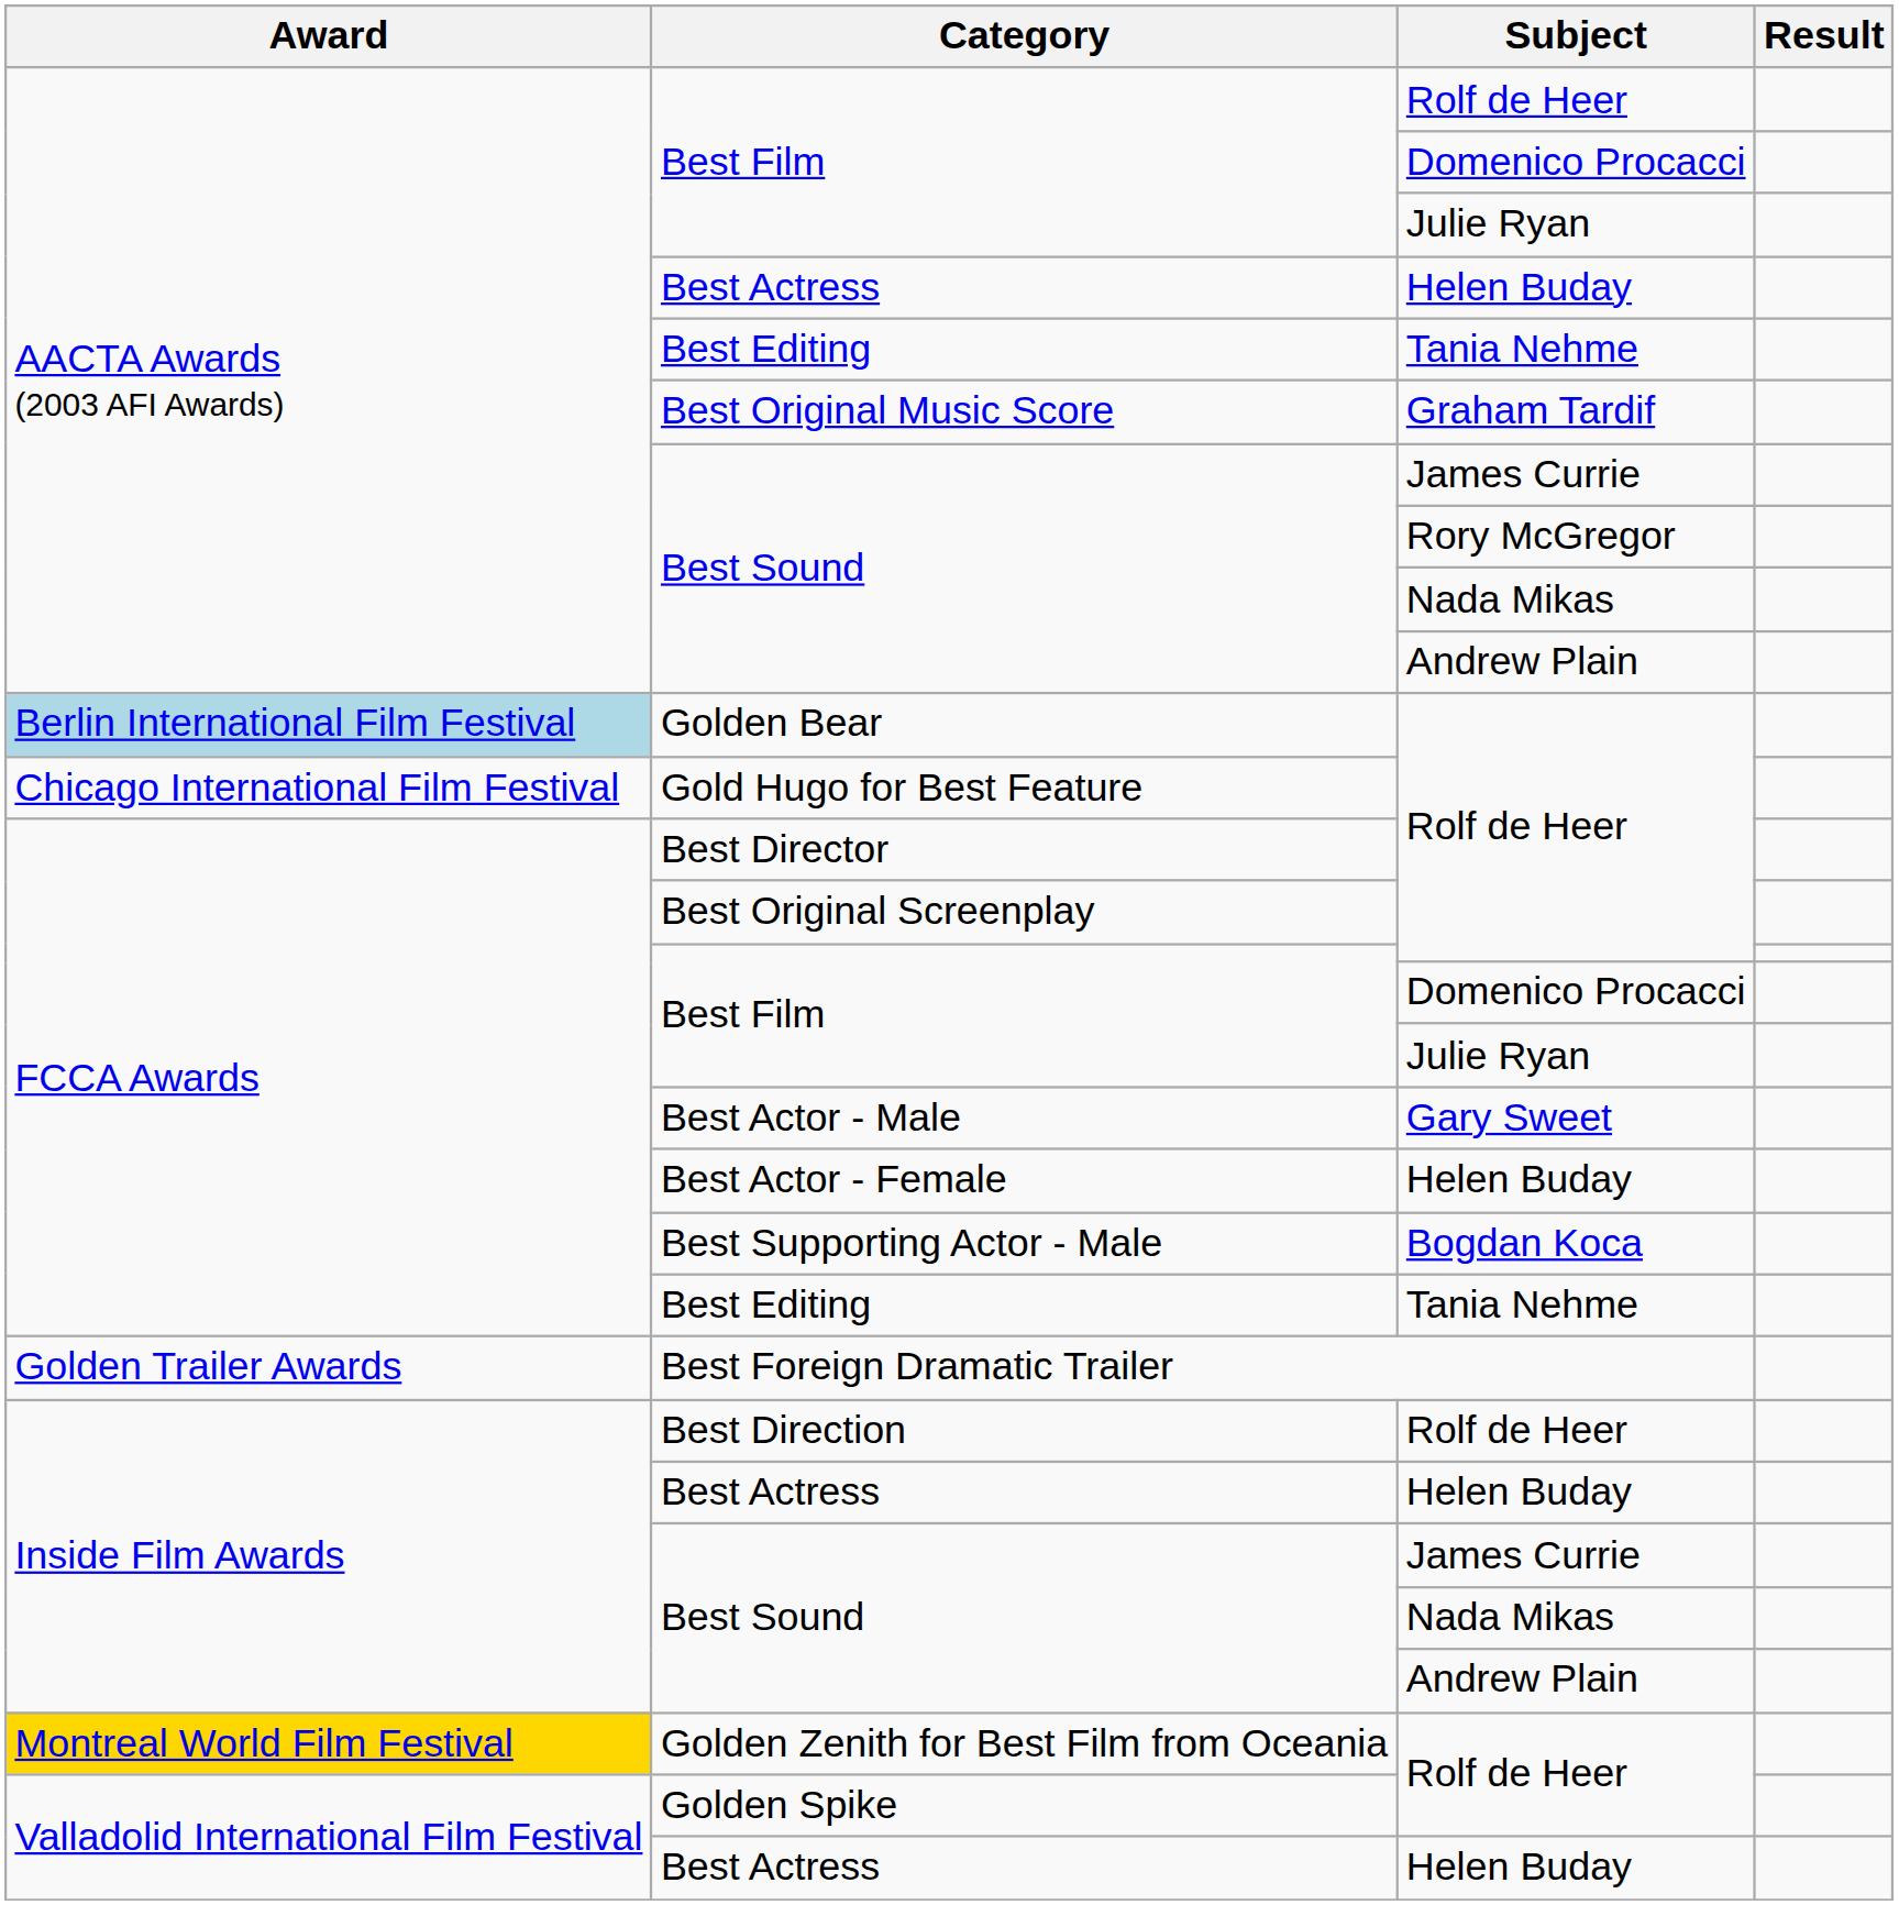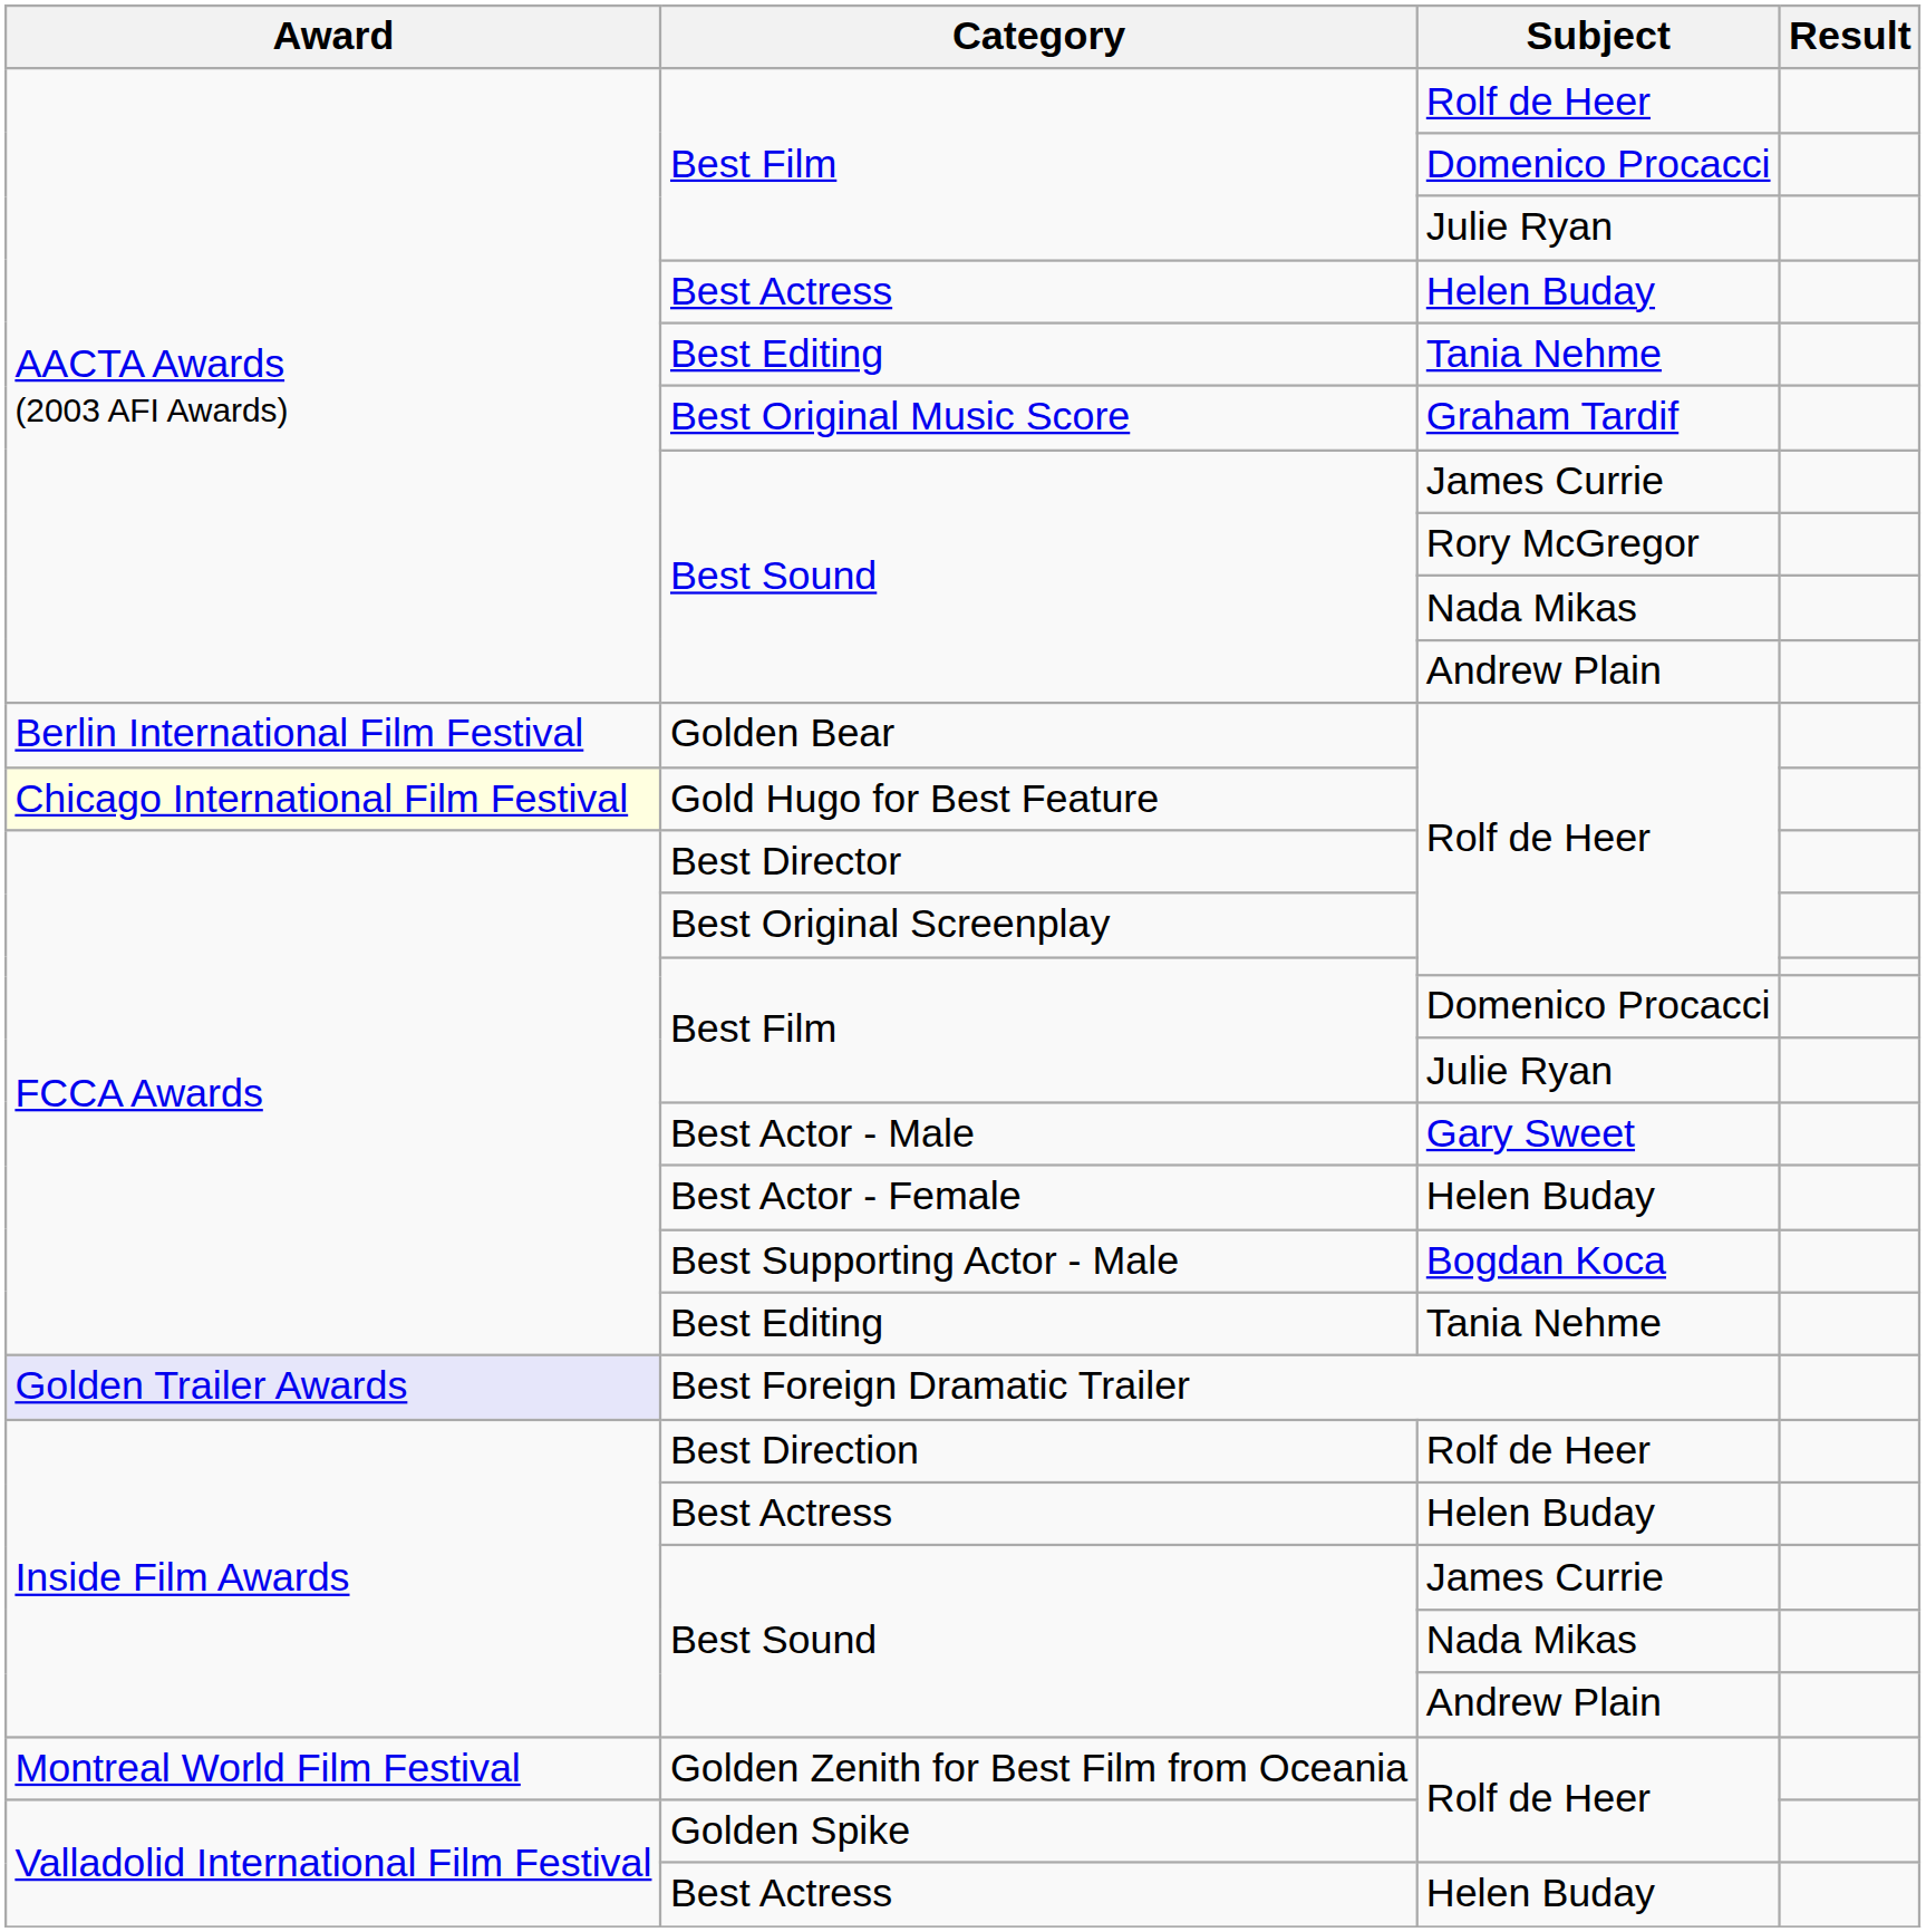 <table class="wikitable">
 <tr>
 <th>Award</th>
 <th>Category</th>
 <th>Subject</th>
 <th>Result</th>
 </tr>
 <tr>
 <td rowspan=10><a href='#'>AACTA Awards</a><br><small>(2003 AFI Awards)</small></td>
 <td rowspan=3><a href='#'>Best Film</a></td>
 <td><a href='#'>Rolf de Heer</a></td>
 <td></td>
 </tr>
 <tr>
 <td><a href='#'>Domenico Procacci</a></td>
 <td></td>
 </tr>
 <tr>
 <td>Julie Ryan</td>
 <td></td>
 </tr>
 <tr>
 <td><a href='#'>Best Actress</a></td>
 <td><a href='#'>Helen Buday</a></td>
 <td></td>
 </tr>
 <tr>
 <td><a href='#'>Best Editing</a></td>
 <td><a href='#'>Tania Nehme</a></td>
 <td></td>
 </tr>
 <tr>
 <td><a href='#'>Best Original Music Score</a></td>
 <td><a href='#'>Graham Tardif</a></td>
 <td></td>
 </tr>
 <tr>
 <td rowspan=4><a href='#'>Best Sound</a></td>
 <td>James Currie</td>
 <td></td>
 </tr>
 <tr>
 <td>Rory McGregor</td>
 <td></td>
 </tr>
 <tr>
 <td>Nada Mikas</td>
 <td></td>
 </tr>
 <tr>
 <td>Andrew Plain</td>
 <td></td>
 </tr>
 <tr>
-<td style="background: lightblue;"><a href='#'>Berlin International Film Festival</a></td>
+<td><a href='#'>Berlin International Film Festival</a></td>
 <td>Golden Bear</td>
 <td rowspan=5>Rolf de Heer</td>
 <td></td>
 </tr>
 <tr>
-<td><a href='#'>Chicago International Film Festival</a></td>
+<td style="background: lightyellow;"><a href='#'>Chicago International Film Festival</a></td>
 <td>Gold Hugo for Best Feature</td>
 <td></td>
 </tr>
 <tr>
 <td rowspan=9><a href='#'>FCCA Awards</a></td>
 <td>Best Director</td>
 <td></td>
 </tr>
 <tr>
 <td>Best Original Screenplay</td>
 <td></td>
 </tr>
 <tr>
 <td rowspan=3>Best Film</td>
 <td></td>
 </tr>
 <tr>
 <td>Domenico Procacci</td>
 <td></td>
 </tr>
 <tr>
 <td>Julie Ryan</td>
 <td></td>
 </tr>
 <tr>
 <td>Best Actor - Male</td>
 <td><a href='#'>Gary Sweet</a></td>
 <td></td>
 </tr>
 <tr>
 <td>Best Actor - Female</td>
 <td>Helen Buday</td>
 <td></td>
 </tr>
 <tr>
 <td>Best Supporting Actor - Male</td>
 <td><a href='#'>Bogdan Koca</a></td>
 <td></td>
 </tr>
 <tr>
 <td>Best Editing</td>
 <td>Tania Nehme</td>
 <td></td>
 </tr>
 <tr>
-<td><a href='#'>Golden Trailer Awards</a></td>
+<td style="background: lavender;"><a href='#'>Golden Trailer Awards</a></td>
 <td colspan=2>Best Foreign Dramatic Trailer</td>
 <td></td>
 </tr>
 <tr>
 <td rowspan=5><a href='#'>Inside Film Awards</a></td>
 <td>Best Direction</td>
 <td>Rolf de Heer</td>
 <td></td>
 </tr>
 <tr>
 <td>Best Actress</td>
 <td>Helen Buday</td>
 <td></td>
 </tr>
 <tr>
 <td rowspan=3>Best Sound</td>
 <td>James Currie</td>
 <td></td>
 </tr>
 <tr>
 <td>Nada Mikas</td>
 <td></td>
 </tr>
 <tr>
 <td>Andrew Plain</td>
 <td></td>
 </tr>
 <tr>
-<td style="background: gold;"><a href='#'>Montreal World Film Festival</a></td>
+<td><a href='#'>Montreal World Film Festival</a></td>
 <td>Golden Zenith for Best Film from Oceania</td>
 <td rowspan=2>Rolf de Heer</td>
 <td></td>
 </tr>
 <tr>
 <td rowspan=2><a href='#'>Valladolid International Film Festival</a></td>
 <td>Golden Spike</td>
 <td></td>
 </tr>
 <tr>
 <td>Best Actress</td>
 <td>Helen Buday</td>
 <td></td>
 </tr>
 <tr>
 </tr>
 </table>
